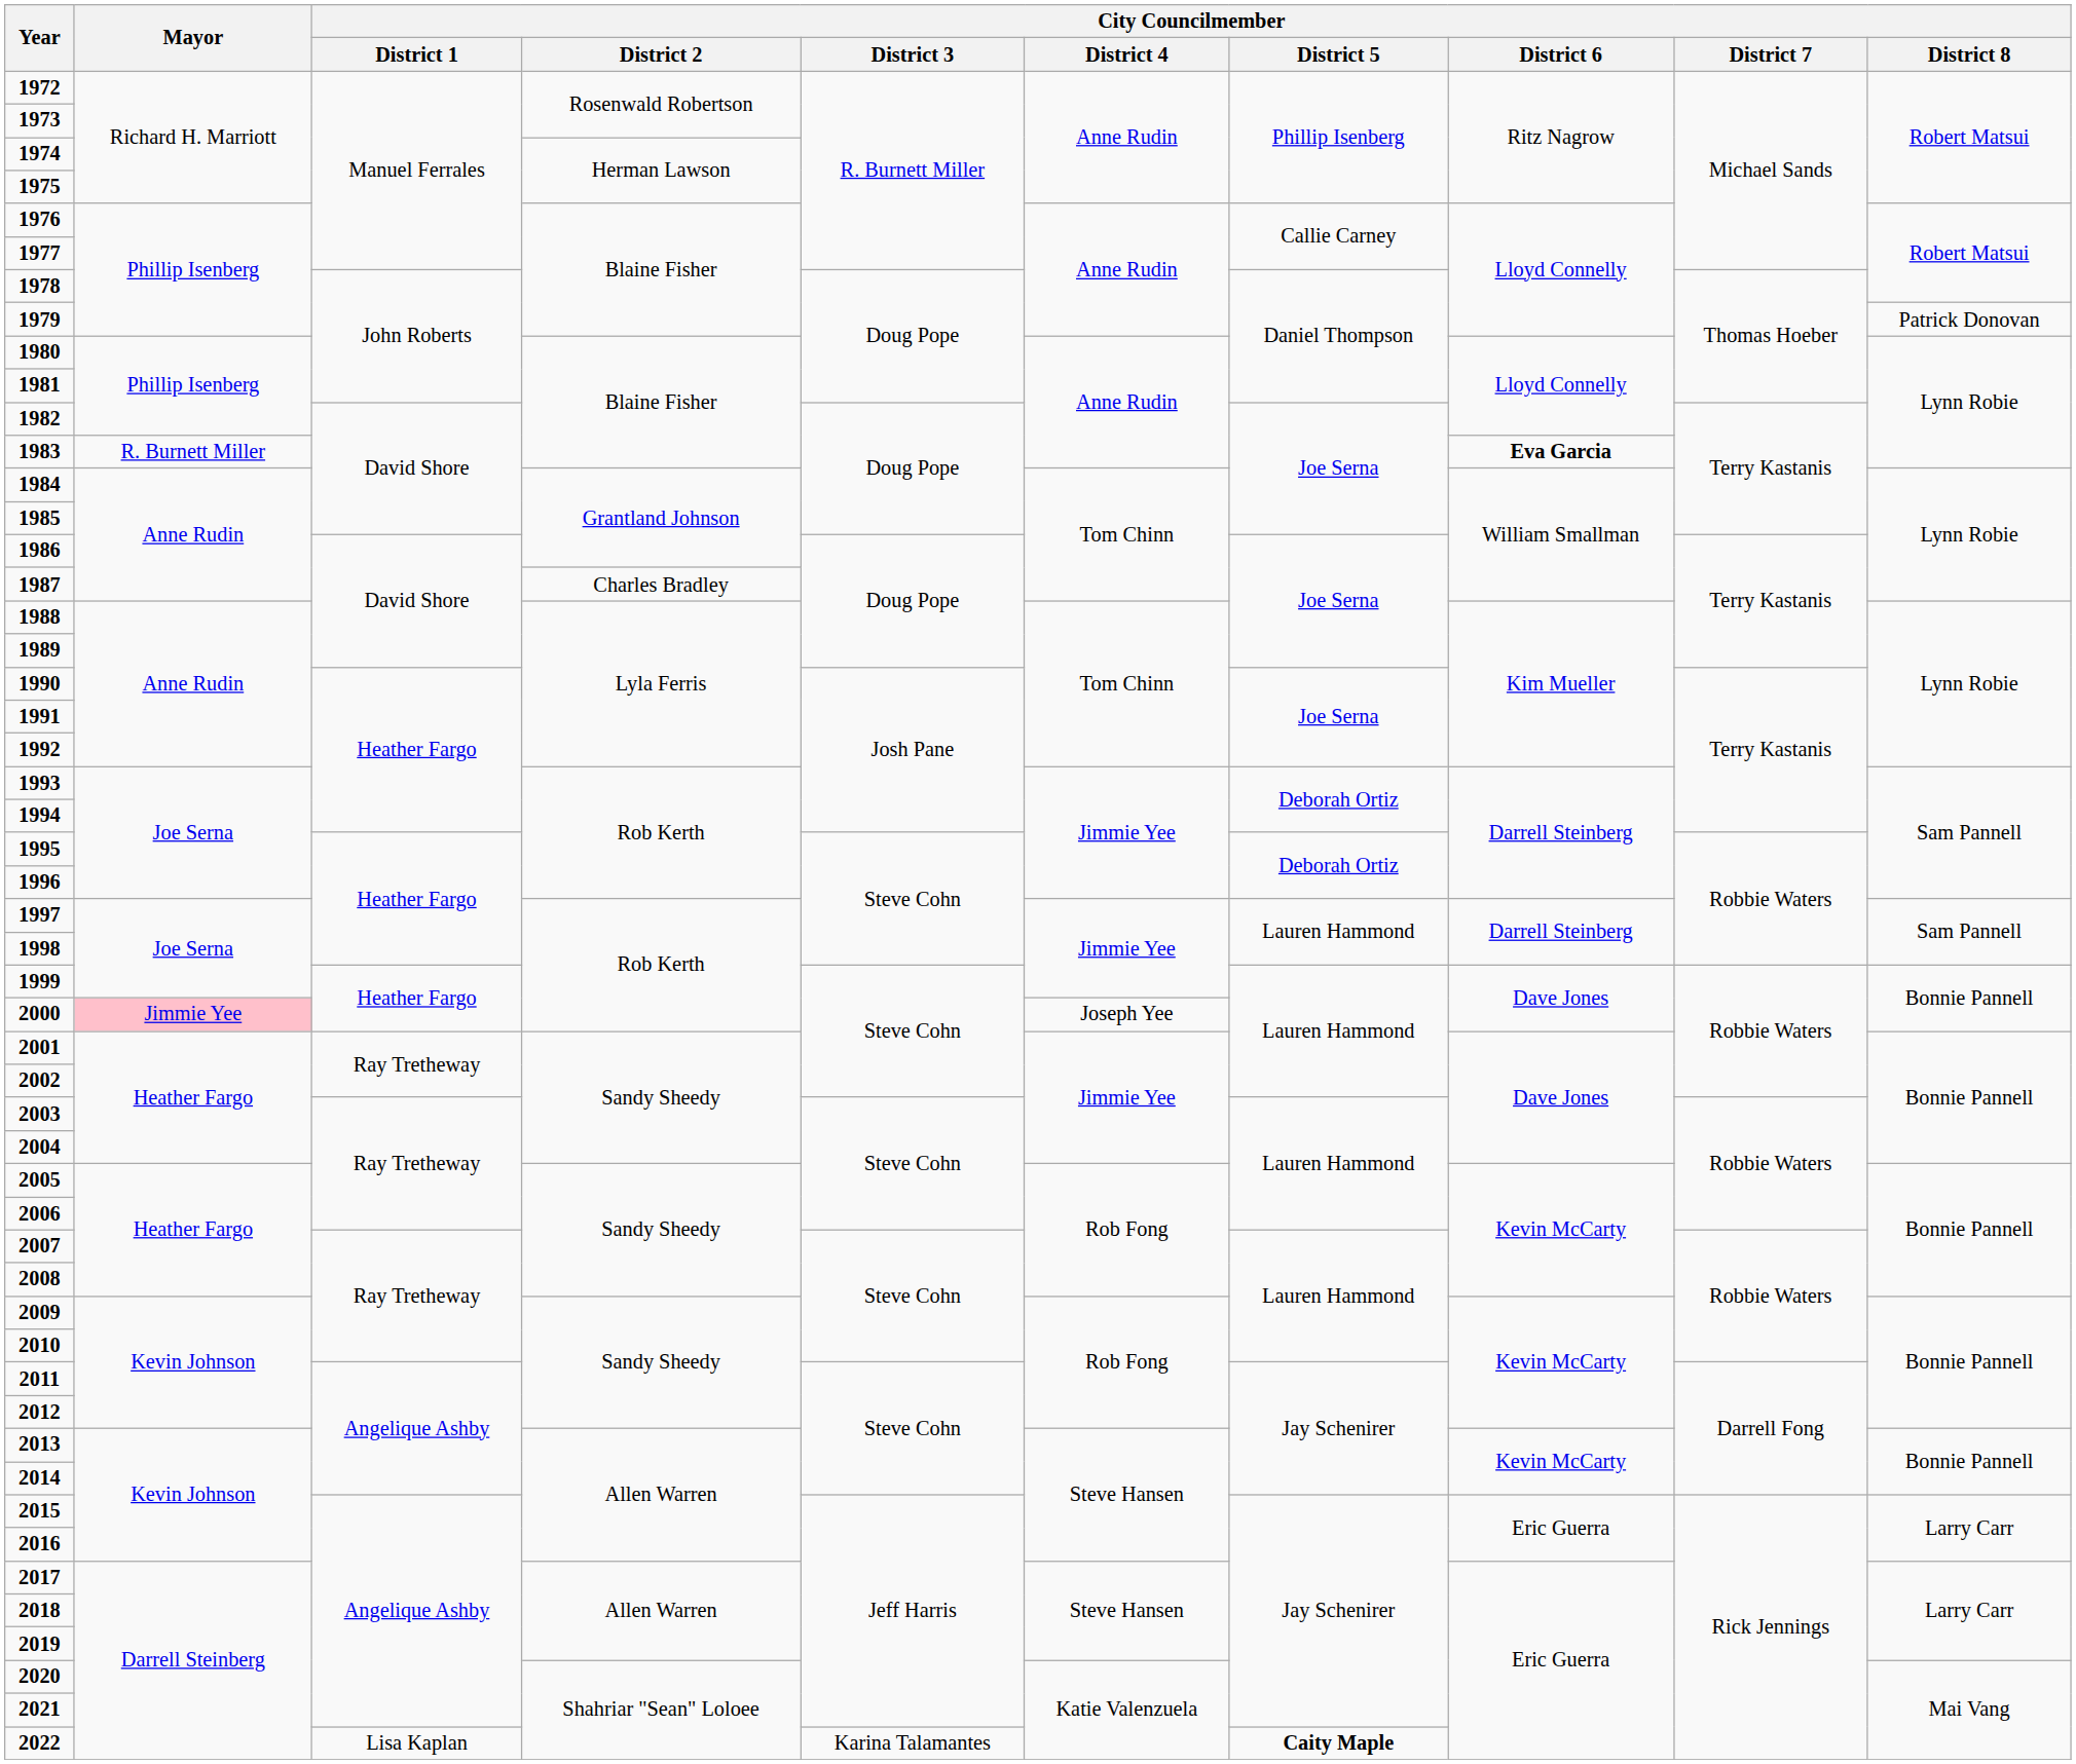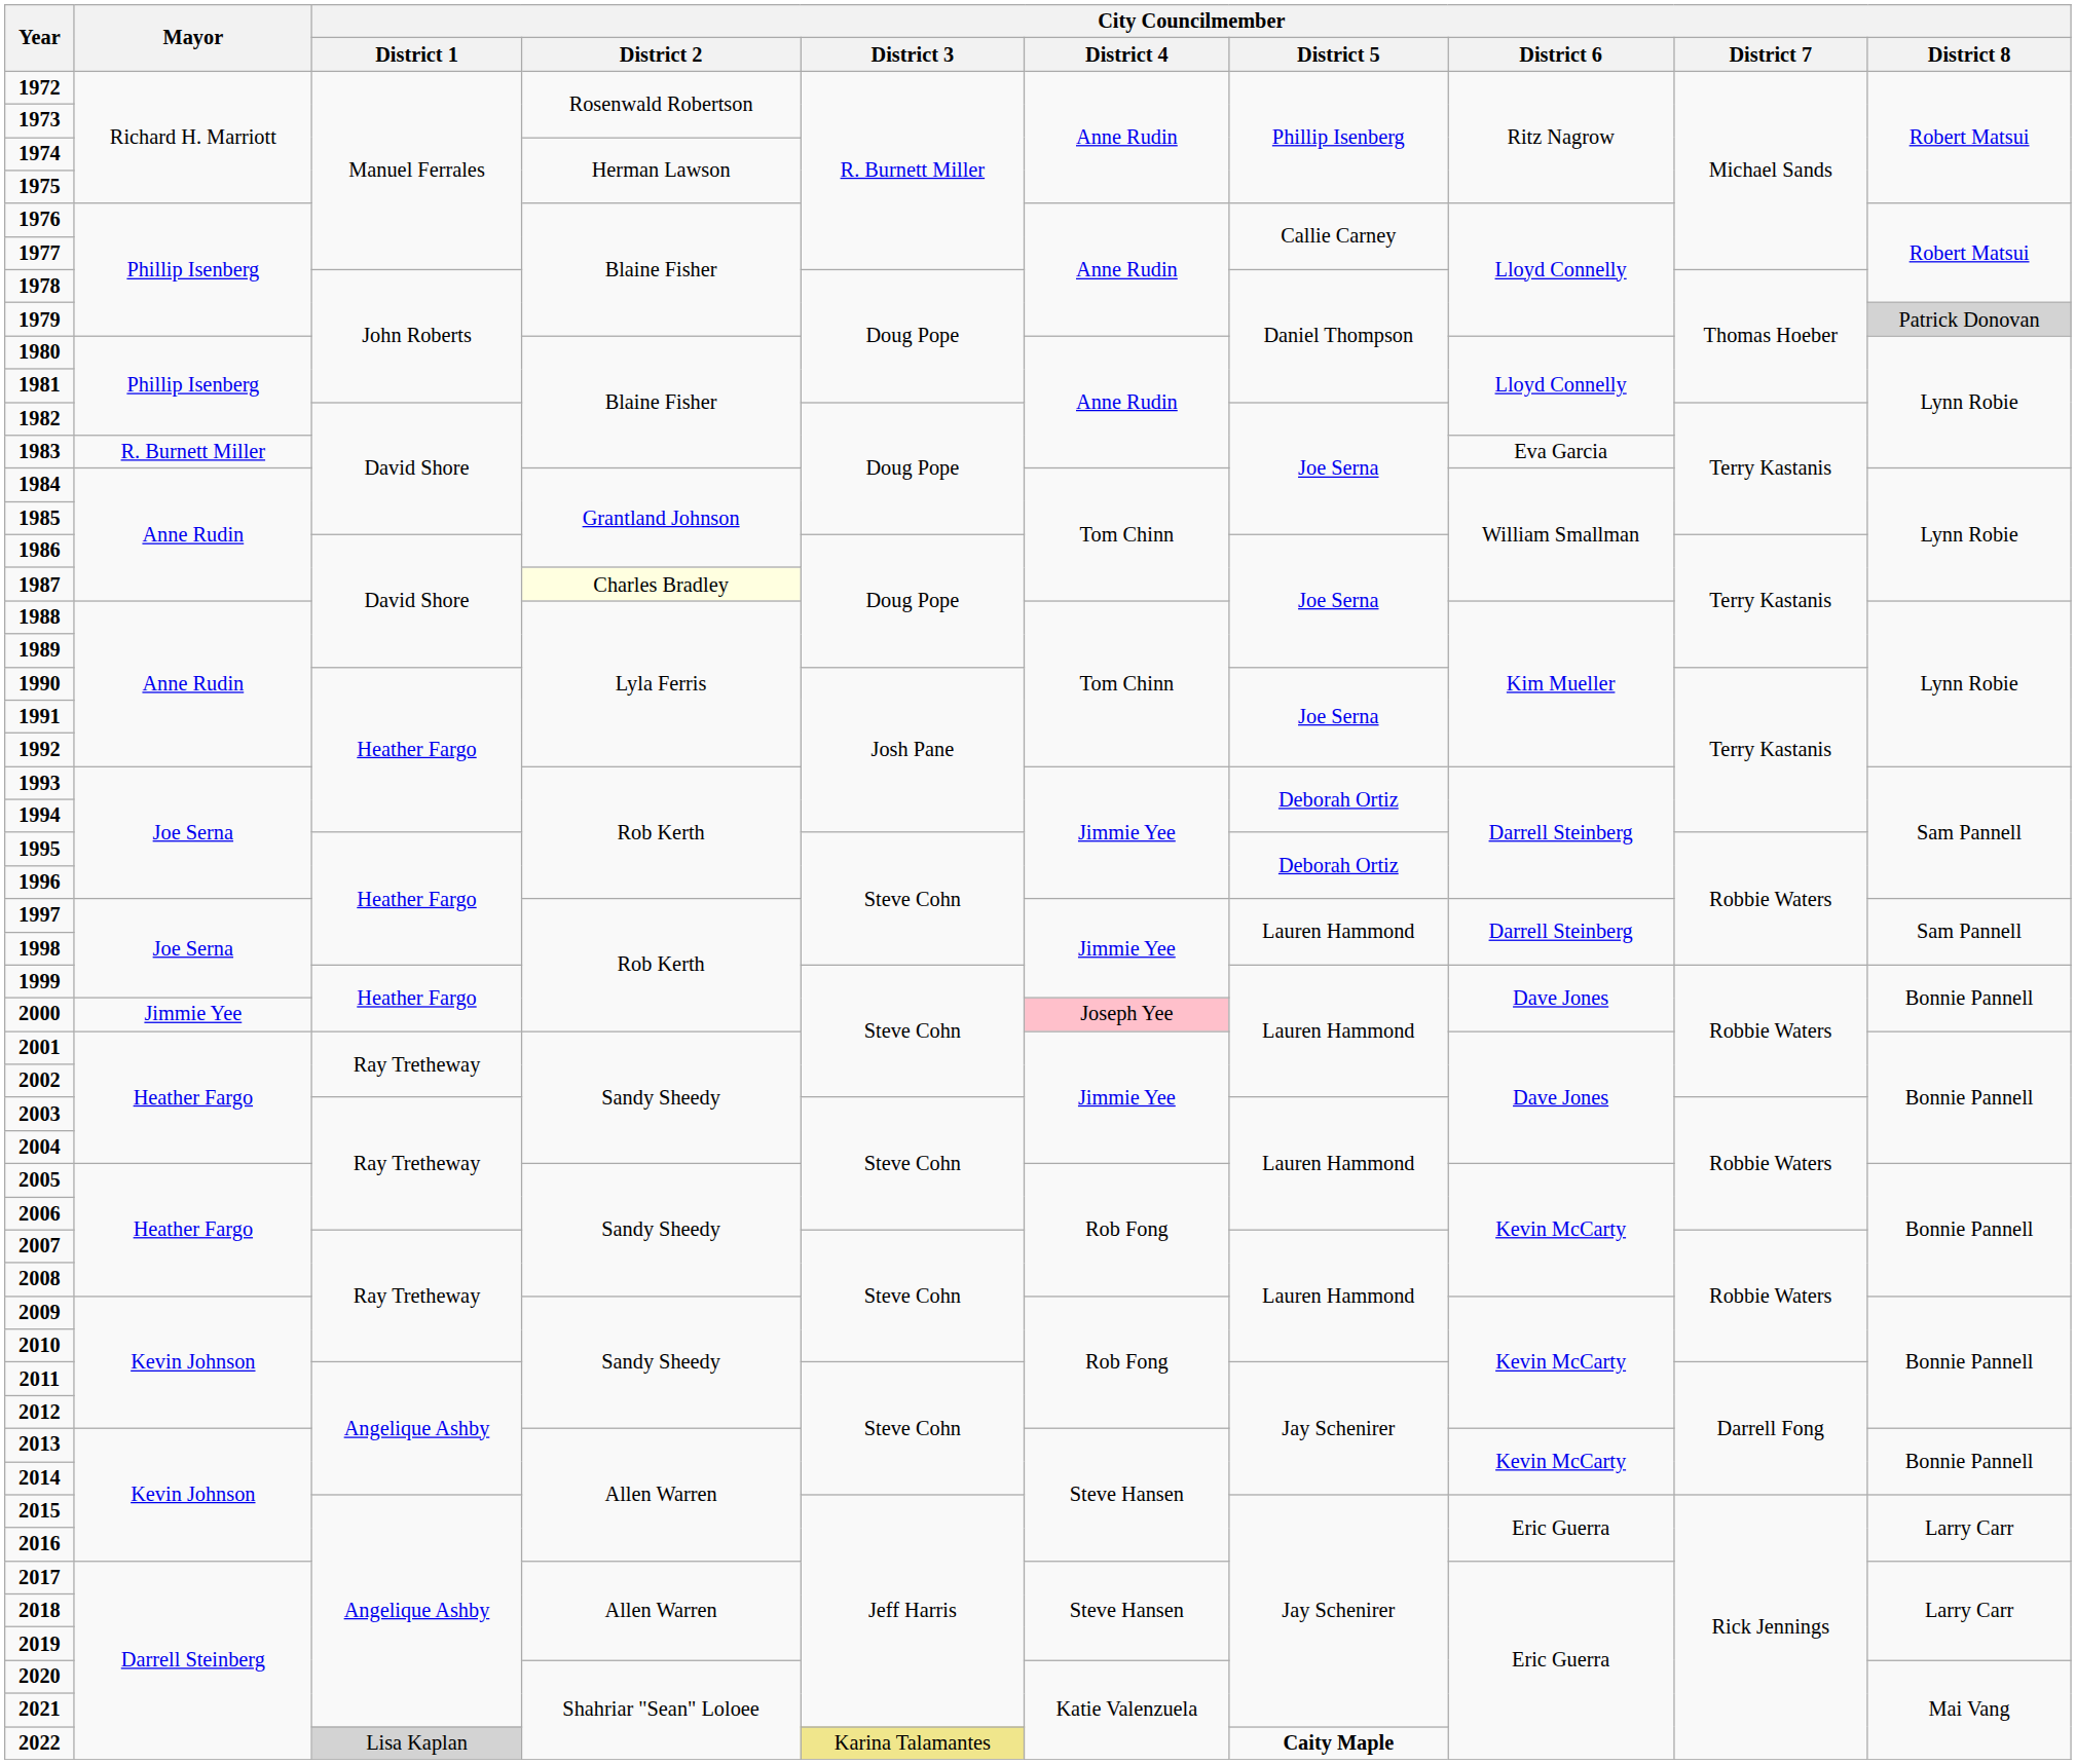 <table class="wikitable" width=100%>
 <tr>
 <th rowspan=2>Year</th>
 <th rowspan=2>Mayor</th>
 <th colspan=8>City Councilmember</th>
 </tr>
 <tr>
 <th>District 1</th>
 <th>District 2</th>
 <th>District 3</th>
 <th>District 4</th>
 <th>District 5</th>
 <th>District 6</th>
 <th>District 7</th>
 <th>District 8</th>
 </tr>
 <tr align=center>
 <td><strong>1972</strong></td>
 <td rowspan=4>Richard H. Marriott</td>
 <td rowspan=6>Manuel Ferrales</td>
 <td rowspan=2>Rosenwald Robertson </td>
 <td rowspan=6><a href='#'>R. Burnett Miller</a></td>
 <td rowspan=4><a href='#'>Anne Rudin</a></td>
 <td rowspan=4><a href='#'>Phillip Isenberg</a> </td>
 <td rowspan=4>Ritz Nagrow</td>
 <td rowspan=6>Michael Sands</td>
 <td rowspan=4><a href='#'>Robert Matsui</a></td>
 </tr>
 <tr align=center>
 <td><strong>1973</strong></td>
 </tr>
 <tr align=center>
 <td><strong>1974</strong></td>
 <td rowspan=2>Herman Lawson </td>
 </tr>
 <tr align=center>
 <td><strong>1975</strong></td>
 </tr>
 <tr align=center>
 <td><strong>1976</strong></td>
 <td rowspan=4><a href='#'>Phillip Isenberg</a></td>
 <td rowspan=4>Blaine Fisher</td>
 <td rowspan=4><a href='#'>Anne Rudin</a></td>
 <td rowspan=2>Callie Carney </td>
 <td rowspan=4><a href='#'>Lloyd Connelly</a></td>
 <td rowspan=3><a href='#'>Robert Matsui</a> </td>
 </tr>
 <tr align=center>
 <td><strong>1977</strong></td>
 </tr>
 <tr align=center>
 <td><strong>1978</strong></td>
 <td rowspan=4>John Roberts</td>
 <td rowspan=4>Doug Pope</td>
 <td rowspan=4>Daniel Thompson</td>
 <td rowspan=4>Thomas Hoeber</td>
 </tr>
 <tr align=center>
 <td><strong>1979</strong></td>
-<td rowspan=1>Patrick Donovan </td>
+<td rowspan=1 style="background: lightgrey;">Patrick Donovan </td>
 </tr>
 <tr align=center>
 <td><strong>1980</strong></td>
 <td rowspan=3><a href='#'>Phillip Isenberg</a> </td>
 <td rowspan=4>Blaine Fisher</td>
 <td rowspan=4><a href='#'>Anne Rudin</a></td>
 <td rowspan=3><a href='#'>Lloyd Connelly</a> </td>
 <td rowspan=4>Lynn Robie</td>
 </tr>
 <tr align=center>
 <td><strong>1981</strong></td>
 </tr>
 <tr align=center>
 <td><strong>1982</strong></td>
 <td rowspan=4>David Shore</td>
 <td rowspan=4>Doug Pope</td>
 <td rowspan=4><a href='#'>Joe Serna</a></td>
 <td rowspan=4>Terry Kastanis</td>
 </tr>
 <tr align=center>
 <td><strong>1983</strong></td>
 <td rowspan=1><a href='#'>R. Burnett Miller</a> </td>
-<td rowspan=1><strong>Eva Garcia </strong></td>
+<td rowspan=1>Eva Garcia </td>
 </tr>
 <tr align=center>
 <td><strong>1984</strong></td>
 <td rowspan=4><a href='#'>Anne Rudin</a></td>
 <td rowspan=3><a href='#'>Grantland Johnson</a> </td>
 <td rowspan=4>Tom Chinn</td>
 <td rowspan=4>William Smallman</td>
 <td rowspan=4>Lynn Robie</td>
 </tr>
 <tr align=center>
 <td><strong>1985</strong></td>
 </tr>
 <tr align=center>
 <td><strong>1986</strong></td>
 <td rowspan=4>David Shore</td>
 <td rowspan=4>Doug Pope</td>
 <td rowspan=4><a href='#'>Joe Serna</a></td>
 <td rowspan=4>Terry Kastanis</td>
 </tr>
 <tr align=center>
 <td><strong>1987</strong></td>
-<td rowspan=1>Charles Bradley </td>
+<td rowspan=1 style="background: lightyellow;">Charles Bradley </td>
 </tr>
 <tr align=center>
 <td><strong>1988</strong></td>
 <td rowspan=5><a href='#'>Anne Rudin</a></td>
 <td rowspan=5>Lyla Ferris</td>
 <td rowspan=5>Tom Chinn</td>
 <td rowspan=5><a href='#'>Kim Mueller</a></td>
 <td rowspan=5>Lynn Robie</td>
 </tr>
 <tr align=center>
 <td><strong>1989</strong></td>
 </tr>
 <tr align=center>
 <td><strong>1990</strong></td>
 <td rowspan=5><a href='#'>Heather Fargo</a></td>
 <td rowspan=5>Josh Pane</td>
 <td rowspan=3><a href='#'>Joe Serna</a> </td>
 <td rowspan=5>Terry Kastanis</td>
 </tr>
 <tr align=center>
 <td><strong>1991</strong></td>
 </tr>
 <tr align=center>
 <td><strong>1992</strong></td>
 </tr>
 <tr align=center>
 <td><strong>1993</strong></td>
 <td rowspan=4><a href='#'>Joe Serna</a></td>
 <td rowspan=4>Rob Kerth</td>
 <td rowspan=4><a href='#'>Jimmie Yee</a></td>
 <td rowspan=2><a href='#'>Deborah Ortiz</a> </td>
 <td rowspan=4><a href='#'>Darrell Steinberg</a> </td>
 <td rowspan=4>Sam Pannell</td>
 </tr>
 <tr align=center>
 <td><strong>1994</strong></td>
 </tr>
 <tr align=center>
 <td><strong>1995</strong></td>
 <td rowspan=4><a href='#'>Heather Fargo</a></td>
 <td rowspan=4>Steve Cohn</td>
 <td rowspan=2><a href='#'>Deborah Ortiz</a> </td>
 <td rowspan=4>Robbie Waters</td>
 </tr>
 <tr align=center>
 <td><strong>1996</strong></td>
 </tr>
 <tr align=center>
 <td><strong>1997</strong></td>
 <td rowspan=3><a href='#'>Joe Serna</a> </td>
 <td rowspan=4>Rob Kerth</td>
 <td rowspan=3><a href='#'>Jimmie Yee</a> </td>
 <td rowspan=2>Lauren Hammond </td>
 <td rowspan=2><a href='#'>Darrell Steinberg</a> </td>
 <td rowspan=2>Sam Pannell </td>
 </tr>
 <tr align=center>
 <td><strong>1998</strong></td>
 </tr>
 <tr align=center>
 <td><strong>1999</strong></td>
 <td rowspan=2><a href='#'>Heather Fargo</a> </td>
 <td rowspan=4>Steve Cohn</td>
 <td rowspan=4>Lauren Hammond</td>
 <td rowspan=2><a href='#'>Dave Jones</a> </td>
 <td rowspan=4>Robbie Waters</td>
 <td rowspan=2>Bonnie Pannell </td>
 </tr>
 <tr align=center>
 <td><strong>2000</strong></td>
-<td rowspan=1 style="background: pink;"><a href='#'>Jimmie Yee</a> </td>
-<td rowspan=1>Joseph Yee </td>
+<td rowspan=1><a href='#'>Jimmie Yee</a> </td>
+<td rowspan=1 style="background: pink;">Joseph Yee </td>
 </tr>
 <tr align=center>
 <td><strong>2001</strong></td>
 <td rowspan=4><a href='#'>Heather Fargo</a></td>
 <td rowspan=2>Ray Tretheway </td>
 <td rowspan=4>Sandy Sheedy</td>
 <td rowspan=4><a href='#'>Jimmie Yee</a></td>
 <td rowspan=4><a href='#'>Dave Jones</a></td>
 <td rowspan=4>Bonnie Pannell</td>
 </tr>
 <tr align=center>
 <td><strong>2002</strong></td>
 </tr>
 <tr align=center>
 <td><strong>2003</strong></td>
 <td rowspan=4>Ray Tretheway</td>
 <td rowspan=4>Steve Cohn</td>
 <td rowspan=4>Lauren Hammond</td>
 <td rowspan=4>Robbie Waters</td>
 </tr>
 <tr align=center>
 <td><strong>2004</strong></td>
 </tr>
 <tr align=center>
 <td><strong>2005</strong></td>
 <td rowspan=4><a href='#'>Heather Fargo</a></td>
 <td rowspan=4>Sandy Sheedy</td>
 <td rowspan=4>Rob Fong</td>
 <td rowspan=4><a href='#'>Kevin McCarty</a></td>
 <td rowspan=4>Bonnie Pannell</td>
 </tr>
 <tr align=center>
 <td><strong>2006</strong></td>
 </tr>
 <tr align=center>
 <td><strong>2007</strong></td>
 <td rowspan=4>Ray Tretheway</td>
 <td rowspan=4>Steve Cohn</td>
 <td rowspan=4>Lauren Hammond</td>
 <td rowspan=4>Robbie Waters</td>
 </tr>
 <tr align=center>
 <td><strong>2008</strong></td>
 </tr>
 <tr align=center>
 <td><strong>2009</strong></td>
 <td rowspan=4><a href='#'>Kevin Johnson</a></td>
 <td rowspan=4>Sandy Sheedy</td>
 <td rowspan=4>Rob Fong</td>
 <td rowspan=4><a href='#'>Kevin McCarty</a></td>
 <td rowspan=4>Bonnie Pannell</td>
 </tr>
 <tr align=center>
 <td><strong>2010</strong></td>
 </tr>
 <tr align=center>
 <td><strong>2011</strong></td>
 <td rowspan=4><a href='#'>Angelique Ashby</a></td>
 <td rowspan=4>Steve Cohn</td>
 <td rowspan=4>Jay Schenirer</td>
 <td rowspan=4>Darrell Fong</td>
 </tr>
 <tr align=center>
 <td><strong>2012</strong></td>
 </tr>
 <tr align=center>
 <td><strong>2013</strong></td>
 <td rowspan=4><a href='#'>Kevin Johnson</a></td>
 <td rowspan=4>Allen Warren</td>
 <td rowspan=4>Steve Hansen</td>
 <td rowspan=2><a href='#'>Kevin McCarty</a> </td>
 <td rowspan=2>Bonnie Pannell</td>
 </tr>
 <tr align=center>
 <td><strong>2014</strong></td>
 </tr>
 <tr align=center>
 <td><strong>2015</strong></td>
 <td rowspan=7><a href='#'>Angelique Ashby</a></td>
 <td rowspan=7>Jeff Harris</td>
 <td rowspan=7>Jay Schenirer</td>
 <td rowspan=2>Eric Guerra </td>
 <td rowspan=8>Rick Jennings</td>
 <td rowspan=2>Larry Carr </td>
 </tr>
 <tr align=center>
 <td><strong>2016</strong></td>
 </tr>
 <tr align=center>
 <td><strong>2017</strong></td>
 <td rowspan="6"><a href='#'>Darrell Steinberg</a></td>
 <td rowspan=3>Allen Warren</td>
 <td rowspan=3>Steve Hansen</td>
 <td rowspan="6">Eric Guerra</td>
 <td rowspan=3>Larry Carr</td>
 </tr>
 <tr align=center>
 <td><strong>2018</strong></td>
 </tr>
 <tr align=center>
 <td><strong>2019</strong></td>
 </tr>
 <tr align=center>
 <td><strong>2020</strong></td>
 <td rowspan="3">Shahriar "Sean" Loloee</td>
 <td rowspan="3">Katie Valenzuela</td>
 <td rowspan="3">Mai Vang</td>
 </tr>
 <tr align=center>
 <td><strong>2021</strong></td>
 </tr>
 <tr align=center>
 <td><strong>2022</strong></td>
-<td>Lisa Kaplan</td>
-<td>Karina Talamantes</td>
+<td style="background: lightgrey;">Lisa Kaplan</td>
+<td style="background: khaki;">Karina Talamantes</td>
 <td><strong>Caity Maple</strong></td>
 </tr>
 </table>
